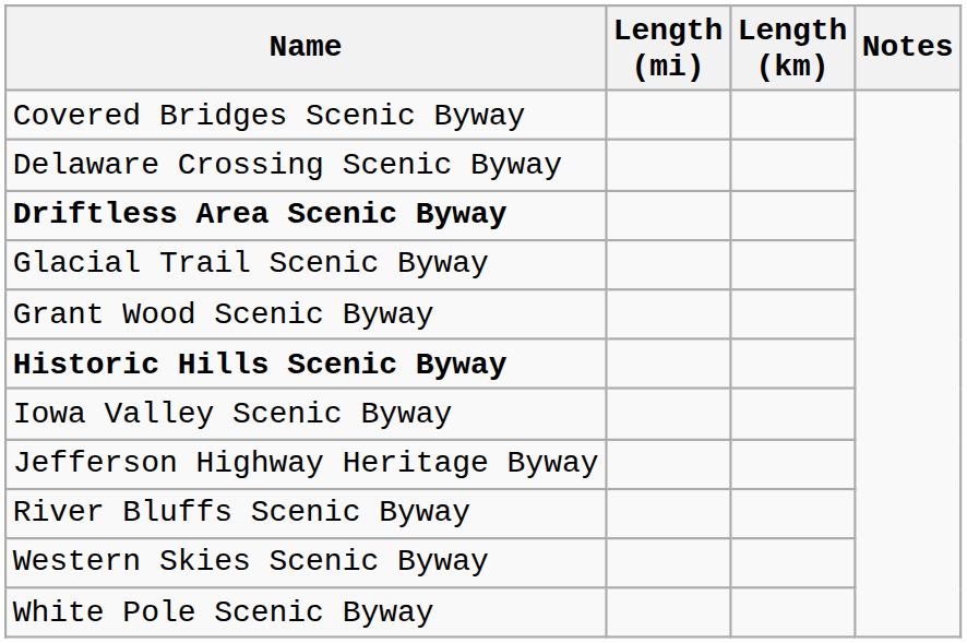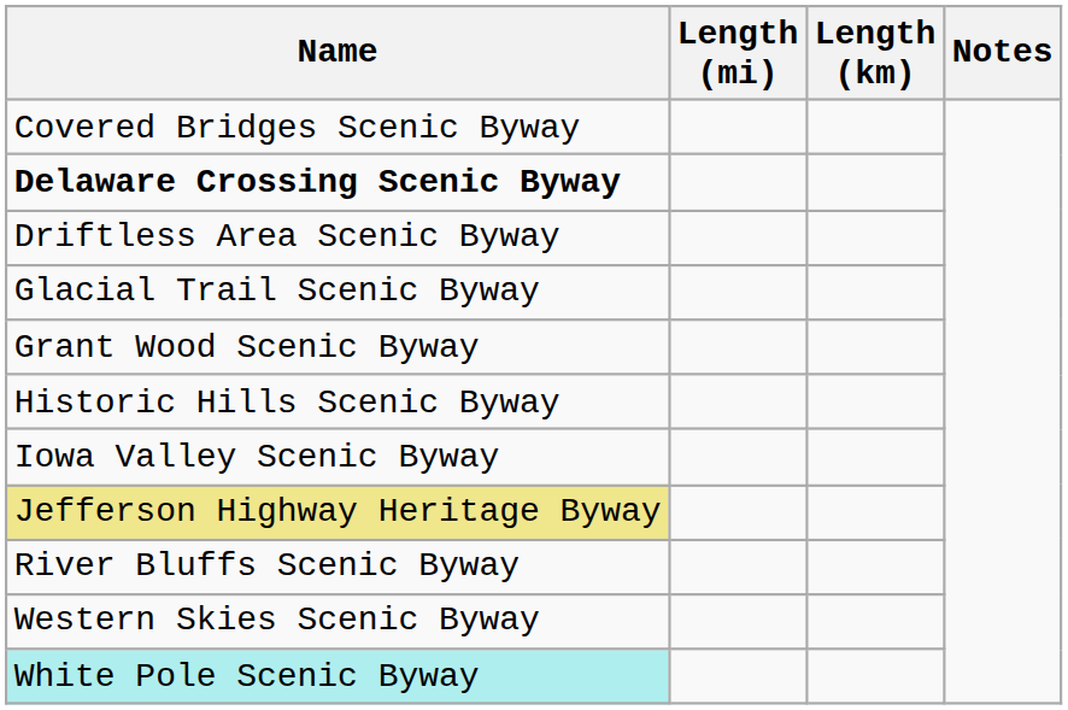 <table class=wikitable>
 <tr>
 <th>Name</th>
 <th>Length<br>(mi)</th>
 <th>Length<br>(km)</th>
 <th>Notes</th>
 </tr>
 <tr>
 <td>Covered Bridges Scenic Byway</td>
 <td></td>
 <td></td>
 </tr>
 <tr>
-<td>Delaware Crossing Scenic Byway</td>
+<td><strong>Delaware Crossing Scenic Byway</strong></td>
 <td></td>
 <td></td>
 </tr>
 <tr>
-<td><strong>Driftless Area Scenic Byway</strong></td>
+<td>Driftless Area Scenic Byway</td>
 <td></td>
 <td></td>
 </tr>
 <tr>
 <td>Glacial Trail Scenic Byway</td>
 <td></td>
 <td></td>
 </tr>
 <tr>
 <td>Grant Wood Scenic Byway</td>
 <td></td>
 <td></td>
 </tr>
 <tr>
-<td><strong>Historic Hills Scenic Byway</strong></td>
+<td>Historic Hills Scenic Byway</td>
 <td></td>
 <td></td>
 </tr>
 <tr>
 <td>Iowa Valley Scenic Byway</td>
 <td></td>
 <td></td>
 </tr>
 <tr>
-<td>Jefferson Highway Heritage Byway</td>
+<td style="background: khaki;">Jefferson Highway Heritage Byway</td>
 <td></td>
 <td></td>
 </tr>
 <tr>
 <td>River Bluffs Scenic Byway</td>
 <td></td>
 <td></td>
 </tr>
 <tr>
 <td>Western Skies Scenic Byway</td>
 <td></td>
 <td></td>
 </tr>
 <tr>
-<td>White Pole Scenic Byway</td>
+<td style="background: paleturquoise;">White Pole Scenic Byway</td>
 <td></td>
 <td></td>
 </tr>
 </table>
